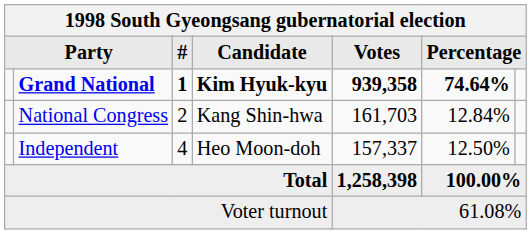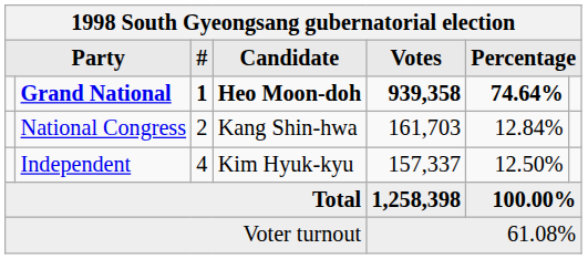 <table class="wikitable">
 <tr>
 <th colspan="7">1998 South Gyeongsang gubernatorial election</th>
 </tr>
 <tr>
 <th style="background-color:#E9E9E9" colspan=2>Party</th>
 <th style="background-color:#E9E9E9">#</th>
 <th style="background-color:#E9E9E9">Candidate</th>
 <th style="background-color:#E9E9E9">Votes</th>
 <th style="background-color:#E9E9E9" colspan=2>Percentage</th>
 </tr>
 <tr style="font-weight:bold">
 <td></td>
 <td align=left><a href='#'>Grand National</a></td>
 <td align=center>1</td>
-<td align=left>Kim Hyuk-kyu</td>
+<td align=left>Heo Moon-doh</td>
 <td align=right>939,358</td>
 <td align=right>74.64%</td>
 <td align=right></td>
 </tr>
 <tr>
 <td></td>
 <td align=left><a href='#'>National Congress</a></td>
 <td align=center>2</td>
 <td align=left>Kang Shin-hwa</td>
 <td align=right>161,703</td>
 <td align=right>12.84%</td>
 <td align=right></td>
 </tr>
 <tr>
 <td></td>
 <td align=left><a href='#'>Independent</a></td>
 <td align=center>4</td>
-<td align=left>Heo Moon-doh</td>
+<td align=left>Kim Hyuk-kyu</td>
 <td align=right>157,337</td>
 <td align=right>12.50%</td>
 <td align=right></td>
 </tr>
 <tr bgcolor="#EEEEEE" style="font-weight:bold">
 <td colspan="4" align=right>Total</td>
 <td align=right>1,258,398</td>
 <td align=right colspan=2>100.00%</td>
 </tr>
 <tr bgcolor="#EEEEEE">
 <td colspan="4" align="right">Voter turnout</td>
 <td colspan="3" align="right">61.08%</td>
 </tr>
 </table>
